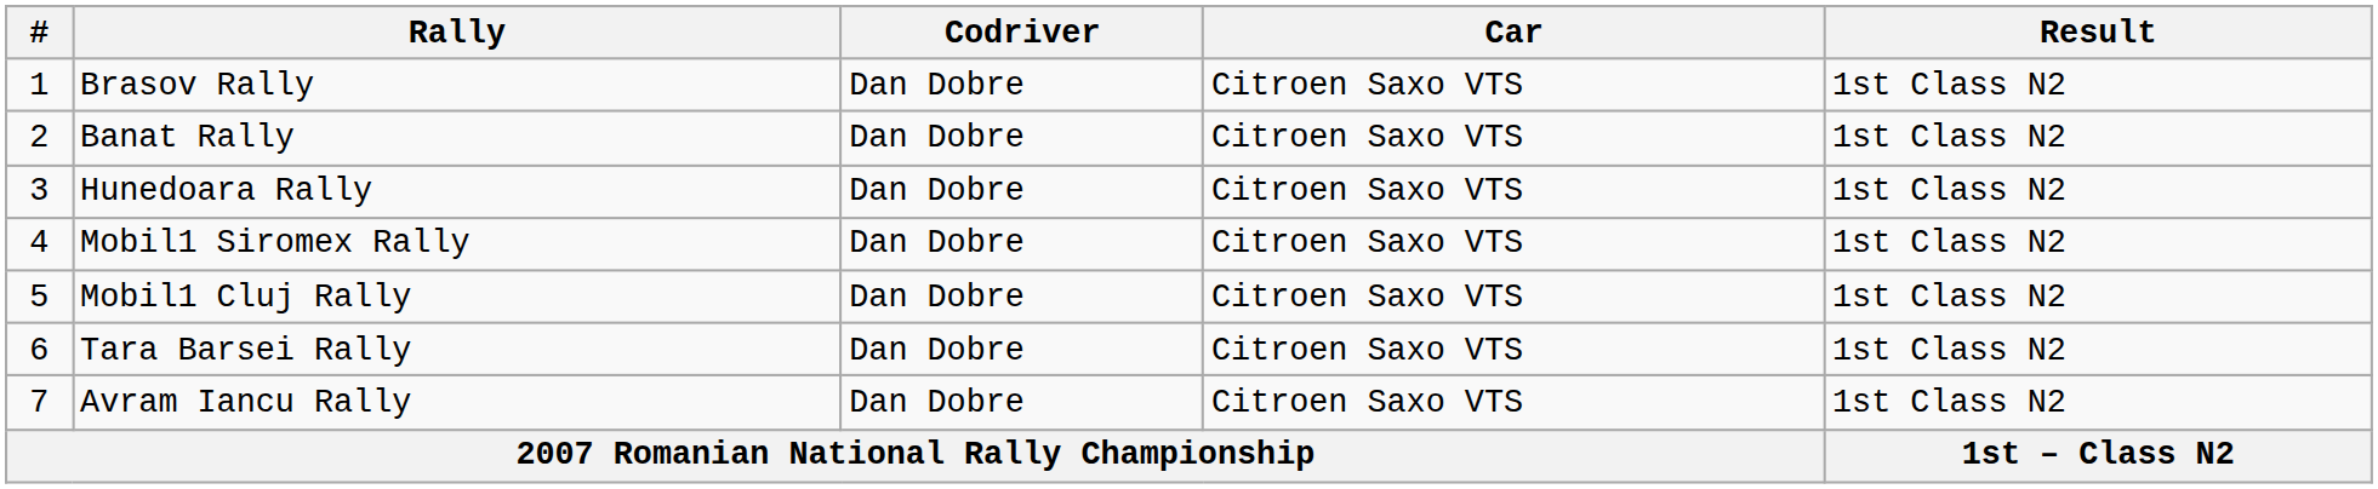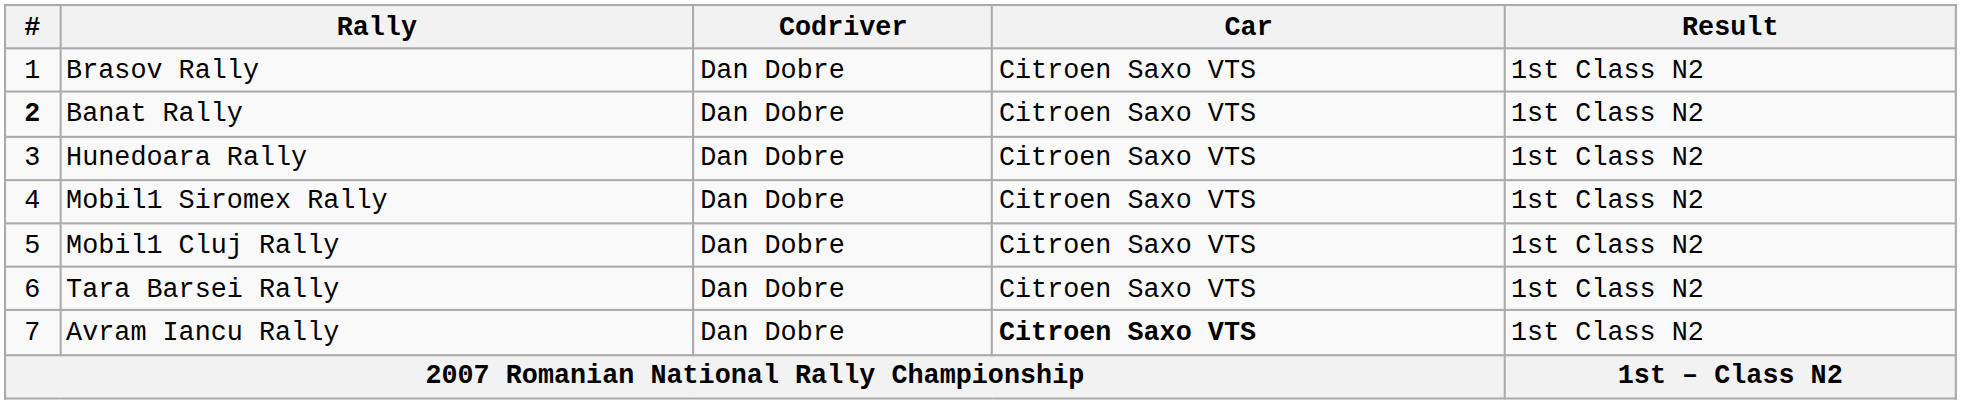 <table class="wikitable" width="75%">
 <tr>
 <th>#</th>
 <th>Rally</th>
 <th>Codriver</th>
 <th>Car</th>
 <th>Result</th>
 </tr>
 <tr>
 <td align="center">1</td>
 <td>Brasov Rally</td>
 <td>Dan Dobre</td>
 <td>Citroen Saxo VTS</td>
 <td>1st Class N2</td>
 </tr>
 <tr>
-<td align="center">2</td>
+<td align="center"><strong>2</strong></td>
 <td>Banat Rally</td>
 <td>Dan Dobre</td>
 <td>Citroen Saxo VTS</td>
 <td>1st Class N2</td>
 </tr>
 <tr>
 <td align="center">3</td>
 <td>Hunedoara Rally</td>
 <td>Dan Dobre</td>
 <td>Citroen Saxo VTS</td>
 <td>1st Class N2</td>
 </tr>
 <tr>
 <td align="center">4</td>
 <td>Mobil1 Siromex Rally</td>
 <td>Dan Dobre</td>
 <td>Citroen Saxo VTS</td>
 <td>1st Class N2</td>
 </tr>
 <tr>
 <td align="center">5</td>
 <td>Mobil1 Cluj Rally</td>
 <td>Dan Dobre</td>
 <td>Citroen Saxo VTS</td>
 <td>1st Class N2</td>
 </tr>
 <tr>
 <td align="center">6</td>
 <td>Tara Barsei Rally</td>
 <td>Dan Dobre</td>
 <td>Citroen Saxo VTS</td>
 <td>1st Class N2</td>
 </tr>
 <tr>
 <td align="center">7</td>
 <td>Avram Iancu Rally</td>
 <td>Dan Dobre</td>
-<td>Citroen Saxo VTS</td>
+<td><strong>Citroen Saxo VTS</strong></td>
 <td>1st Class N2</td>
 </tr>
 <tr>
 <th scope="row" colspan=4>2007 Romanian National Rally Championship</th>
 <th>1st – Class N2</th>
 </tr>
 </table>
